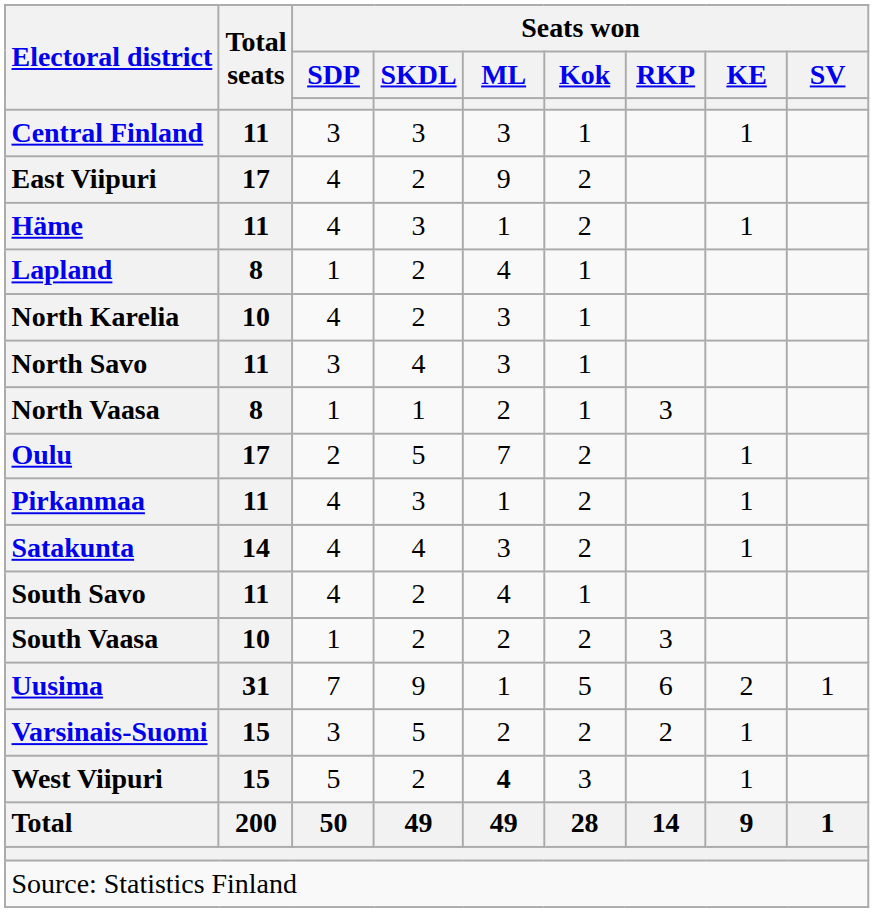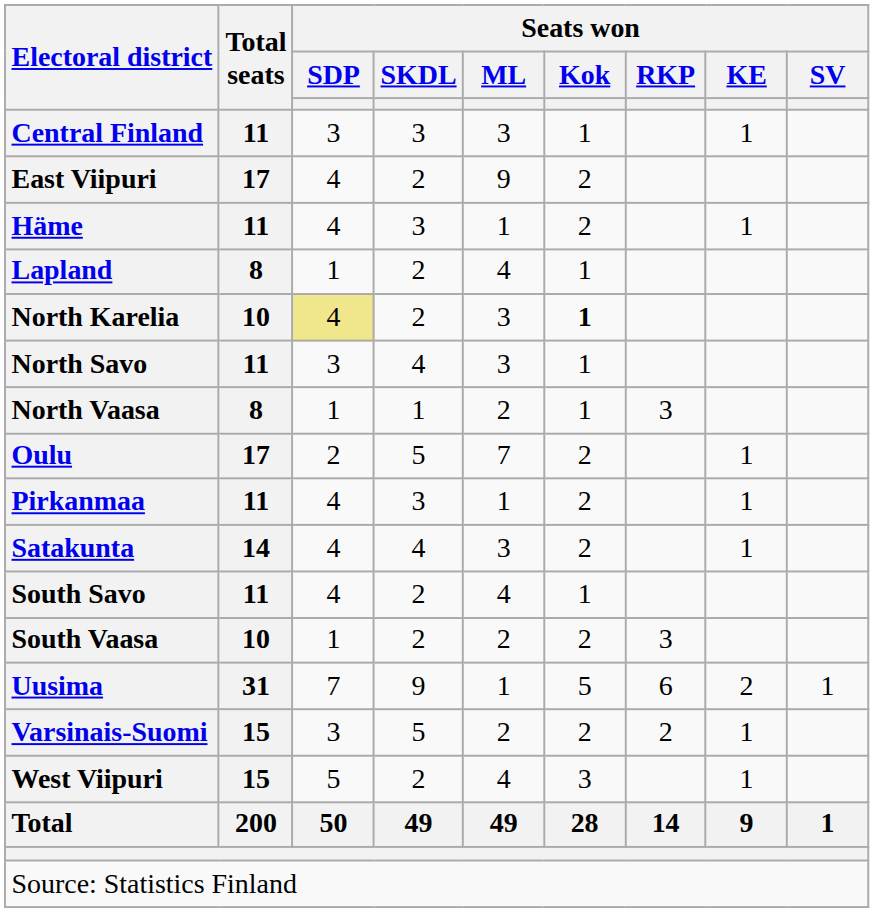 <table class="wikitable" style="text-align:center; font-size: 0.9em;">
 <tr>
 <th rowspan="3"><a href='#'>Electoral district</a></th>
 <th rowspan="3">Total<br>seats</th>
 <th colspan="7">Seats won</th>
 </tr>
 <tr>
 <th class="unsortable" style="width:35px;"><a href='#'>SDP</a></th>
 <th class="unsortable" style="width:35px;"><a href='#'>SKDL</a></th>
 <th class="unsortable" style="width:35px;"><a href='#'>ML</a></th>
 <th class="unsortable" style="width:35px;"><a href='#'>Kok</a></th>
 <th class="unsortable" style="width:35px;"><a href='#'>RKP</a></th>
 <th class="unsortable" style="width:35px;"><a href='#'>KE</a></th>
 <th class="unsortable" style="width:35px;"><a href='#'>SV</a></th>
 </tr>
 <tr>
 <th style="background:"></th>
 <th style="background:"></th>
 <th style="background:"></th>
 <th style="background:"></th>
 <th style="background:"></th>
 <th style="background:"></th>
 <th style="background:"></th>
 </tr>
 <tr>
 <th style="text-align: left;"><a href='#'>Central Finland</a></th>
 <th>11</th>
 <td>3</td>
 <td>3</td>
 <td>3</td>
 <td>1</td>
 <td></td>
 <td>1</td>
 <td></td>
 </tr>
 <tr>
 <th style="text-align: left;">East Viipuri</th>
 <th>17</th>
 <td>4</td>
 <td>2</td>
 <td>9</td>
 <td>2</td>
 <td></td>
 <td></td>
 <td></td>
 </tr>
 <tr>
 <th style="text-align: left;"><a href='#'>Häme</a></th>
 <th>11</th>
 <td>4</td>
 <td>3</td>
 <td>1</td>
 <td>2</td>
 <td></td>
 <td>1</td>
 <td></td>
 </tr>
 <tr>
 <th style="text-align: left;"><a href='#'>Lapland</a></th>
 <th>8</th>
 <td>1</td>
 <td>2</td>
 <td>4</td>
 <td>1</td>
 <td></td>
 <td></td>
 <td></td>
 </tr>
 <tr>
 <th style="text-align: left;">North Karelia</th>
 <th>10</th>
-<td>4</td>
+<td style="background: khaki;">4</td>
 <td>2</td>
 <td>3</td>
-<td>1</td>
+<td><strong>1</strong></td>
 <td></td>
 <td></td>
 <td></td>
 </tr>
 <tr>
 <th style="text-align: left;">North Savo</th>
 <th>11</th>
 <td>3</td>
 <td>4</td>
 <td>3</td>
 <td>1</td>
 <td></td>
 <td></td>
 <td></td>
 </tr>
 <tr>
 <th style="text-align: left;">North Vaasa</th>
 <th>8</th>
 <td>1</td>
 <td>1</td>
 <td>2</td>
 <td>1</td>
 <td>3</td>
 <td></td>
 <td></td>
 </tr>
 <tr>
 <th style="text-align: left;"><a href='#'>Oulu</a></th>
 <th>17</th>
 <td>2</td>
 <td>5</td>
 <td>7</td>
 <td>2</td>
 <td></td>
 <td>1</td>
 <td></td>
 </tr>
 <tr>
 <th style="text-align: left;"><a href='#'>Pirkanmaa</a></th>
 <th>11</th>
 <td>4</td>
 <td>3</td>
 <td>1</td>
 <td>2</td>
 <td></td>
 <td>1</td>
 <td></td>
 </tr>
 <tr>
 <th style="text-align: left;"><a href='#'>Satakunta</a></th>
 <th>14</th>
 <td>4</td>
 <td>4</td>
 <td>3</td>
 <td>2</td>
 <td></td>
 <td>1</td>
 <td></td>
 </tr>
 <tr>
 <th style="text-align: left;">South Savo</th>
 <th>11</th>
 <td>4</td>
 <td>2</td>
 <td>4</td>
 <td>1</td>
 <td></td>
 <td></td>
 <td></td>
 </tr>
 <tr>
 <th style="text-align: left;">South Vaasa</th>
 <th>10</th>
 <td>1</td>
 <td>2</td>
 <td>2</td>
 <td>2</td>
 <td>3</td>
 <td></td>
 <td></td>
 </tr>
 <tr>
 <th style="text-align: left;"><a href='#'>Uusima</a></th>
 <th>31</th>
 <td>7</td>
 <td>9</td>
 <td>1</td>
 <td>5</td>
 <td>6</td>
 <td>2</td>
 <td>1</td>
 </tr>
 <tr>
 <th style="text-align: left;"><a href='#'>Varsinais-Suomi</a></th>
 <th>15</th>
 <td>3</td>
 <td>5</td>
 <td>2</td>
 <td>2</td>
 <td>2</td>
 <td>1</td>
 <td></td>
 </tr>
 <tr>
 <th style="text-align: left;">West Viipuri</th>
 <th>15</th>
 <td>5</td>
 <td>2</td>
-<td><strong>4</strong></td>
+<td>4</td>
 <td>3</td>
 <td></td>
 <td>1</td>
 <td></td>
 </tr>
 <tr class="sortbottom">
 <th style="text-align: left;">Total</th>
 <th>200</th>
 <th>50</th>
 <th>49</th>
 <th>49</th>
 <th>28</th>
 <th>14</th>
 <th>9</th>
 <th>1</th>
 </tr>
 <tr>
 <th colspan="9"></th>
 </tr>
 <tr>
 <td colspan="9" align=left>Source: Statistics Finland</td>
 </tr>
 </table>
